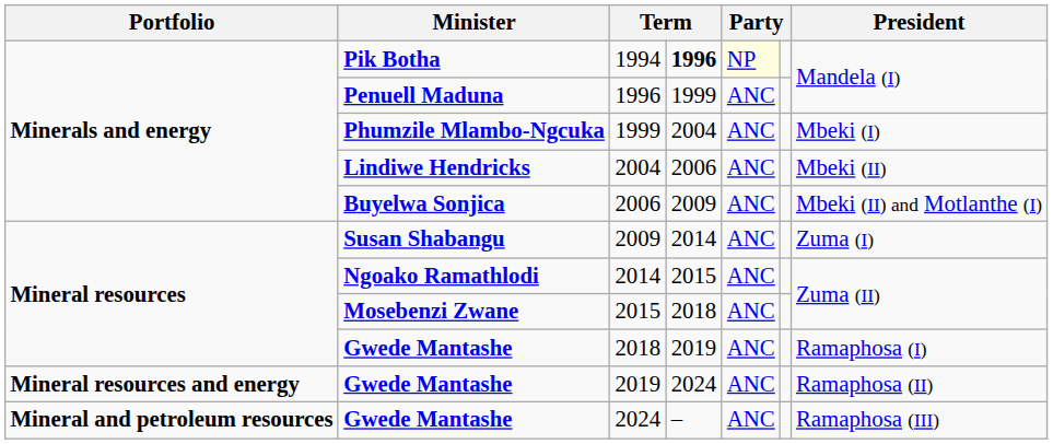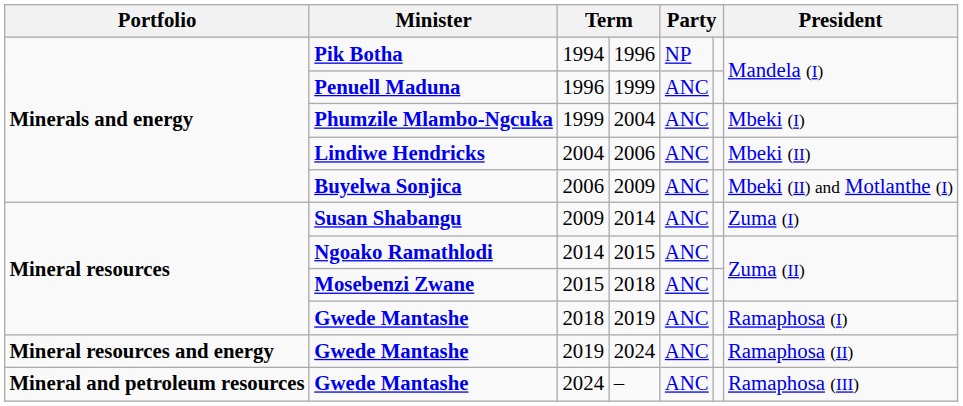 <table class="wikitable">
 <tr>
 <th>Portfolio</th>
 <th>Minister</th>
 <th colspan="2">Term</th>
 <th colspan="2">Party</th>
 <th>President</th>
 </tr>
 <tr>
 <td rowspan="5"><strong>Minerals and energy</strong></td>
 <td><strong><a href='#'>Pik Botha</a></strong></td>
 <td>1994</td>
-<td><strong>1996</strong></td>
-<td style="background: lightyellow;"><a href='#'>NP</a></td>
+<td>1996</td>
+<td><a href='#'>NP</a></td>
 <td style="background-color: "></td>
 <td rowspan="2"><a href='#'>Mandela</a> <small>(<a href='#'>I</a>)</small></td>
 </tr>
 <tr>
 <td><strong><a href='#'>Penuell Maduna</a></strong></td>
 <td>1996</td>
 <td>1999</td>
 <td><a href='#'>ANC</a></td>
 <td style="background-color: "></td>
 </tr>
 <tr>
 <td><strong><a href='#'>Phumzile Mlambo-Ngcuka</a></strong></td>
 <td>1999</td>
 <td>2004</td>
 <td><a href='#'>ANC</a></td>
 <td style="background-color: "></td>
 <td><a href='#'>Mbeki</a> <small>(<a href='#'>I</a>)</small></td>
 </tr>
 <tr>
 <td><strong><a href='#'>Lindiwe Hendricks</a></strong></td>
 <td>2004</td>
 <td>2006</td>
 <td><a href='#'>ANC</a></td>
 <td style="background-color: "></td>
 <td><a href='#'>Mbeki</a> <small>(<a href='#'>II</a>)</small></td>
 </tr>
 <tr>
 <td><strong><a href='#'>Buyelwa Sonjica</a></strong></td>
 <td>2006</td>
 <td>2009</td>
 <td><a href='#'>ANC</a></td>
 <td style="background-color: "></td>
 <td><a href='#'>Mbeki</a> <small>(<a href='#'>II</a>) and</small> <a href='#'>Motlanthe</a> <small>(<a href='#'>I</a>)</small></td>
 </tr>
 <tr>
 <td rowspan="4"><strong>Mineral resources</strong></td>
 <td><strong><a href='#'>Susan Shabangu</a></strong></td>
 <td>2009</td>
 <td>2014</td>
 <td><a href='#'>ANC</a></td>
 <td style="background-color: "></td>
 <td><a href='#'>Zuma</a> <small>(<a href='#'>I</a>)</small></td>
 </tr>
 <tr>
 <td><a href='#'><strong>Ngoako Ramathlodi</strong></a></td>
 <td>2014</td>
 <td>2015</td>
 <td><a href='#'>ANC</a></td>
 <td style="background-color: "></td>
 <td rowspan="2"><a href='#'>Zuma</a> <small>(<a href='#'>II</a>)</small></td>
 </tr>
 <tr>
 <td><strong><a href='#'>Mosebenzi Zwane</a></strong></td>
 <td>2015</td>
 <td>2018</td>
 <td><a href='#'>ANC</a></td>
 <td style="background-color: "></td>
 </tr>
 <tr>
 <td><strong><a href='#'>Gwede Mantashe</a></strong></td>
 <td>2018</td>
 <td>2019</td>
 <td><a href='#'>ANC</a></td>
 <td style="background-color: "></td>
 <td><a href='#'>Ramaphosa</a> <small>(<a href='#'>I</a>)</small></td>
 </tr>
 <tr>
 <td><strong>Mineral resources and energy</strong></td>
 <td><strong><a href='#'>Gwede Mantashe</a></strong></td>
 <td>2019</td>
 <td>2024</td>
 <td><a href='#'>ANC</a></td>
 <td style="background-color: "></td>
 <td><a href='#'>Ramaphosa</a> <small>(<a href='#'>II</a>)</small></td>
 </tr>
 <tr>
 <td><strong>Mineral and petroleum resources</strong></td>
 <td><strong><a href='#'>Gwede Mantashe</a></strong></td>
 <td>2024</td>
 <td>–</td>
 <td><a href='#'>ANC</a></td>
 <td style="background-color: "></td>
 <td><a href='#'>Ramaphosa</a> <small>(<a href='#'>III</a>)</small></td>
 </tr>
 </table>
